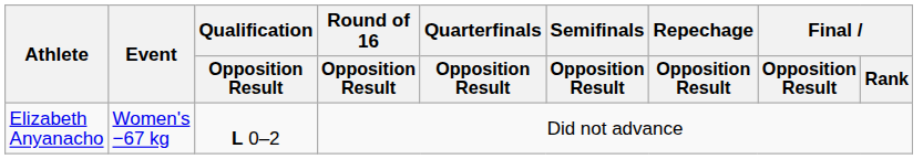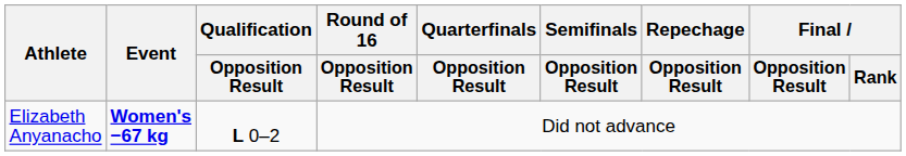 <table class=wikitable style=font-size:90%;text-align:center>
 <tr>
 <th rowspan=2>Athlete</th>
 <th rowspan=2>Event</th>
 <th>Qualification</th>
 <th>Round of 16</th>
 <th>Quarterfinals</th>
 <th>Semifinals</th>
 <th>Repechage</th>
 <th colspan=2>Final / </th>
 </tr>
 <tr style=font-size:95%>
 <th>Opposition<br>Result</th>
 <th>Opposition<br>Result</th>
 <th>Opposition<br>Result</th>
 <th>Opposition<br>Result</th>
 <th>Opposition<br>Result</th>
 <th>Opposition<br>Result</th>
 <th>Rank</th>
 </tr>
 <tr align=center>
 <td align=left><a href='#'>Elizabeth Anyanacho</a></td>
-<td align=left><a href='#'>Women's −67 kg</a></td>
+<td align=left><strong><a href='#'>Women's −67 kg</a></strong></td>
 <td><br> <strong>L</strong> 0–2</td>
 <td colspan="6">Did not advance</td>
 </tr>
 </table>
